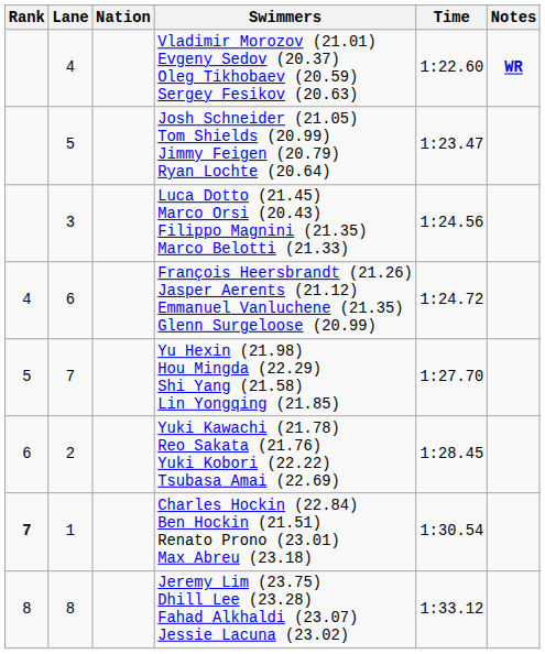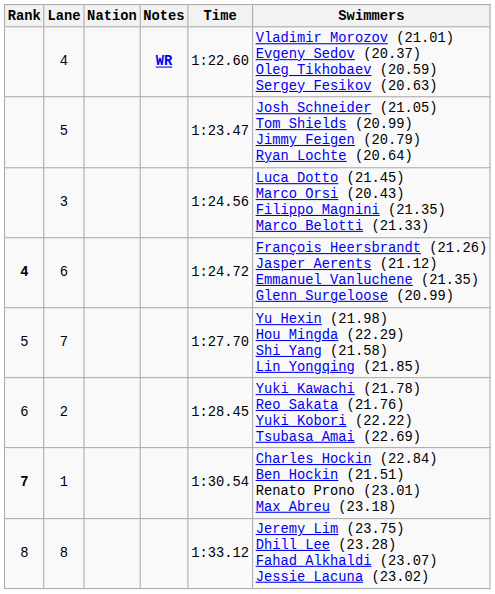 <table class="wikitable sortable" style="text-align:center">
 <tr>
 <th>Rank</th>
 <th>Lane</th>
 <th>Nation</th>
+<th>Notes</th>
+<th>Time</th>
 <th>Swimmers</th>
-<th>Time</th>
-<th>Notes</th>
 </tr>
 <tr>
 <td></td>
 <td>4</td>
 <td align=left></td>
+<td><strong><a href='#'>WR</a></strong></td>
+<td>1:22.60</td>
 <td align=left><a href='#'>Vladimir Morozov</a> (21.01)<br><a href='#'>Evgeny Sedov</a> (20.37)<br><a href='#'>Oleg Tikhobaev</a> (20.59)<br><a href='#'>Sergey Fesikov</a> (20.63)</td>
-<td>1:22.60</td>
-<td><strong><a href='#'>WR</a></strong></td>
 </tr>
 <tr>
 <td></td>
 <td>5</td>
 <td align=left></td>
+<td></td>
+<td>1:23.47</td>
 <td align=left><a href='#'>Josh Schneider</a> (21.05)<br><a href='#'>Tom Shields</a> (20.99)<br><a href='#'>Jimmy Feigen</a> (20.79)<br><a href='#'>Ryan Lochte</a> (20.64)</td>
-<td>1:23.47</td>
-<td></td>
 </tr>
 <tr>
 <td></td>
 <td>3</td>
 <td align=left></td>
+<td></td>
+<td>1:24.56</td>
 <td align=left><a href='#'>Luca Dotto</a> (21.45)<br><a href='#'>Marco Orsi</a> (20.43)<br><a href='#'>Filippo Magnini</a> (21.35)<br><a href='#'>Marco Belotti</a> (21.33)</td>
-<td>1:24.56</td>
-<td></td>
 </tr>
 <tr>
-<td>4</td>
+<td><strong>4</strong></td>
 <td>6</td>
 <td align=left></td>
+<td></td>
+<td>1:24.72</td>
 <td align=left><a href='#'>François Heersbrandt</a> (21.26)<br><a href='#'>Jasper Aerents</a> (21.12)<br><a href='#'>Emmanuel Vanluchene</a> (21.35)<br><a href='#'>Glenn Surgeloose</a> (20.99)</td>
-<td>1:24.72</td>
-<td></td>
 </tr>
 <tr>
 <td>5</td>
 <td>7</td>
 <td align=left></td>
+<td></td>
+<td>1:27.70</td>
 <td align=left><a href='#'>Yu Hexin</a> (21.98)<br><a href='#'>Hou Mingda</a> (22.29)<br><a href='#'>Shi Yang</a> (21.58)<br><a href='#'>Lin Yongqing</a> (21.85)</td>
-<td>1:27.70</td>
-<td></td>
 </tr>
 <tr>
 <td>6</td>
 <td>2</td>
 <td align=left></td>
+<td></td>
+<td>1:28.45</td>
 <td align=left><a href='#'>Yuki Kawachi</a> (21.78)<br><a href='#'>Reo Sakata</a> (21.76)<br><a href='#'>Yuki Kobori</a> (22.22)<br><a href='#'>Tsubasa Amai</a> (22.69)</td>
-<td>1:28.45</td>
-<td></td>
 </tr>
 <tr>
 <td><strong>7</strong></td>
 <td>1</td>
 <td align=left></td>
+<td></td>
+<td>1:30.54</td>
 <td align=left><a href='#'>Charles Hockin</a> (22.84)<br><a href='#'>Ben Hockin</a> (21.51)<br>Renato Prono (23.01)<br><a href='#'>Max Abreu</a> (23.18)</td>
-<td>1:30.54</td>
-<td></td>
 </tr>
 <tr>
 <td>8</td>
 <td>8</td>
 <td align=left></td>
+<td></td>
+<td>1:33.12</td>
 <td align=left><a href='#'>Jeremy Lim</a> (23.75)<br><a href='#'>Dhill Lee</a> (23.28)<br><a href='#'>Fahad Alkhaldi</a> (23.07)<br><a href='#'>Jessie Lacuna</a> (23.02)</td>
-<td>1:33.12</td>
-<td></td>
 </tr>
 </table>
